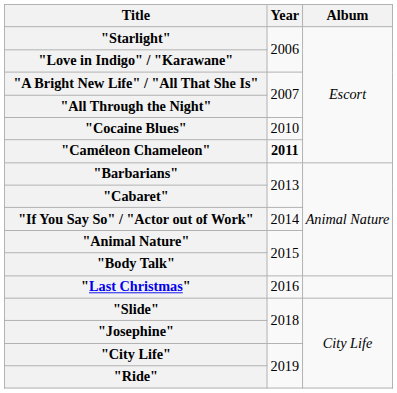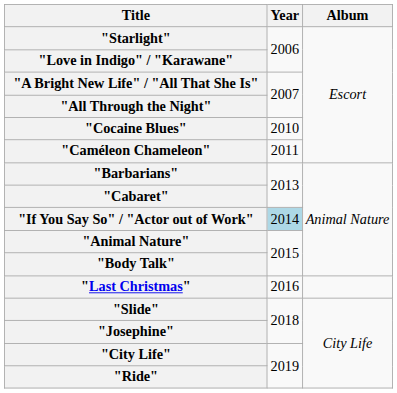 <table class="wikitable plainrowheaders" style="text-align:center;">
 <tr>
 <th scope="col" style="width:18em;">Title</th>
 <th scope="col">Year</th>
 <th scope="col">Album</th>
 </tr>
 <tr>
 <th scope="row">"Starlight"</th>
 <td rowspan="2">2006</td>
 <td rowspan="6"><em>Escort</em></td>
 </tr>
 <tr>
 <th scope="row">"Love in Indigo" / "Karawane"</th>
 </tr>
 <tr>
 <th scope="row">"A Bright New Life" / "All That She Is"</th>
 <td rowspan="2">2007</td>
 </tr>
 <tr>
 <th scope="row">"All Through the Night"</th>
 </tr>
 <tr>
 <th scope="row">"Cocaine Blues"</th>
 <td>2010</td>
 </tr>
 <tr>
 <th scope="row">"Caméleon Chameleon"</th>
-<td><strong>2011</strong></td>
+<td>2011</td>
 </tr>
 <tr>
 <th scope="row">"Barbarians"</th>
 <td rowspan="2">2013</td>
 <td rowspan="5"><em>Animal Nature</em></td>
 </tr>
 <tr>
 <th scope="row">"Cabaret"</th>
 </tr>
 <tr>
 <th scope="row">"If You Say So" / "Actor out of Work"</th>
-<td>2014</td>
+<td style="background: lightblue;">2014</td>
 </tr>
 <tr>
 <th scope="row">"Animal Nature"</th>
 <td rowspan="2">2015</td>
 </tr>
 <tr>
 <th scope="row">"Body Talk"</th>
 </tr>
 <tr>
 <th scope="row">"<a href='#'>Last Christmas</a>"</th>
 <td>2016</td>
 <td></td>
 </tr>
 <tr>
 <th scope="row">"Slide"</th>
 <td rowspan="2">2018</td>
 <td rowspan="4"><em>City Life</em></td>
 </tr>
 <tr>
 <th scope="row">"Josephine"</th>
 </tr>
 <tr>
 <th scope="row">"City Life"</th>
 <td rowspan="2">2019</td>
 </tr>
 <tr>
 <th scope="row">"Ride"</th>
 </tr>
 </table>
